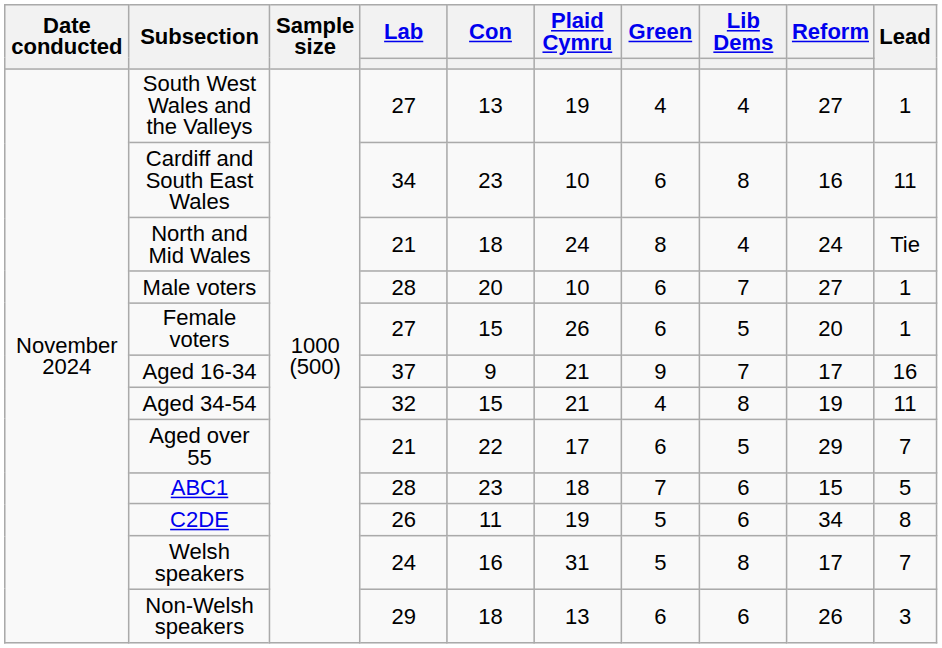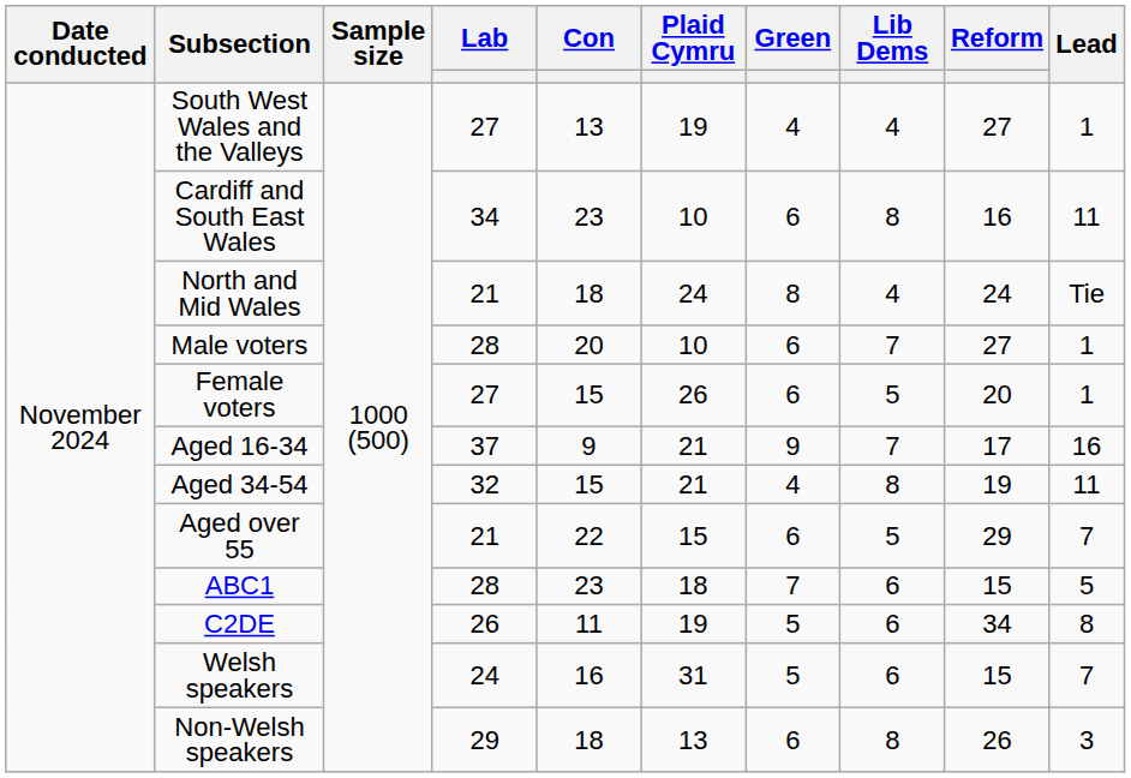 <table class="wikitable sortable mw-datatable" style="text-align:center;font-size:90%;line-height:14px;">
 <tr>
 <th rowspan="2">Date<br>conducted</th>
 <th rowspan="2">Subsection</th>
 <th rowspan="2" data-sort-type="number">Sample<br>size</th>
 <th class="unsortable" style="width:50px;"><a href='#'>Lab</a></th>
 <th class="unsortable" style="width:50px;"><a href='#'>Con</a></th>
 <th class="unsortable" style="width:50px;"><a href='#'>Plaid Cymru</a></th>
 <th class="unsortable" style="width:45px;"><a href='#'>Green</a></th>
 <th class="unsortable" style="width:50px;"><a href='#'>Lib Dems</a></th>
 <th class="unsortable" style="width:50px;"><a href='#'>Reform</a></th>
 <th rowspan="2" data-sort-type="number">Lead</th>
 </tr>
 <tr>
 <th data-sort-type="number" style="background:"></th>
 <th data-sort-type="number" style="background:"></th>
 <th data-sort-type="number" style="background:"></th>
 <th data-sort-type="number" style="background:"></th>
 <th data-sort-type="number" style="background:"></th>
 <th data-sort-type="number" style="background:"></th>
 </tr>
 <tr>
 <td rowspan="12">November 2024</td>
 <td>South West Wales and the Valleys</td>
 <td rowspan="12">1000 (500)</td>
 <td>27</td>
 <td>13</td>
 <td>19</td>
 <td>4</td>
 <td>4</td>
 <td>27</td>
 <td>1</td>
 </tr>
 <tr>
 <td>Cardiff and South East Wales</td>
 <td>34</td>
 <td>23</td>
 <td>10</td>
 <td>6</td>
 <td>8</td>
 <td>16</td>
 <td>11</td>
 </tr>
 <tr>
 <td>North and Mid Wales</td>
 <td>21</td>
 <td>18</td>
 <td>24</td>
 <td>8</td>
 <td>4</td>
 <td>24</td>
 <td>Tie</td>
 </tr>
 <tr>
 <td>Male voters</td>
 <td>28</td>
 <td>20</td>
 <td>10</td>
 <td>6</td>
 <td>7</td>
 <td>27</td>
 <td>1</td>
 </tr>
 <tr>
 <td>Female voters</td>
 <td>27</td>
 <td>15</td>
 <td>26</td>
 <td>6</td>
 <td>5</td>
 <td>20</td>
 <td>1</td>
 </tr>
 <tr>
 <td>Aged 16-34</td>
 <td>37</td>
 <td>9</td>
 <td>21</td>
 <td>9</td>
 <td>7</td>
 <td>17</td>
 <td>16</td>
 </tr>
 <tr>
 <td>Aged 34-54</td>
 <td>32</td>
 <td>15</td>
 <td>21</td>
 <td>4</td>
 <td>8</td>
 <td>19</td>
 <td>11</td>
 </tr>
 <tr>
 <td>Aged over 55</td>
 <td>21</td>
 <td>22</td>
-<td>17</td>
+<td>15</td>
 <td>6</td>
 <td>5</td>
 <td>29</td>
 <td>7</td>
 </tr>
 <tr>
 <td><a href='#'>ABC1</a></td>
 <td>28</td>
 <td>23</td>
 <td>18</td>
 <td>7</td>
 <td>6</td>
 <td>15</td>
 <td>5</td>
 </tr>
 <tr>
 <td><a href='#'>C2DE</a></td>
 <td>26</td>
 <td>11</td>
 <td>19</td>
 <td>5</td>
 <td>6</td>
 <td>34</td>
 <td>8</td>
 </tr>
 <tr>
 <td>Welsh speakers</td>
 <td>24</td>
 <td>16</td>
 <td>31</td>
 <td>5</td>
-<td>8</td>
-<td>17</td>
+<td>6</td>
+<td>15</td>
 <td>7</td>
 </tr>
 <tr>
 <td>Non-Welsh speakers</td>
 <td>29</td>
 <td>18</td>
 <td>13</td>
 <td>6</td>
-<td>6</td>
+<td>8</td>
 <td>26</td>
 <td>3</td>
 </tr>
 </table>
